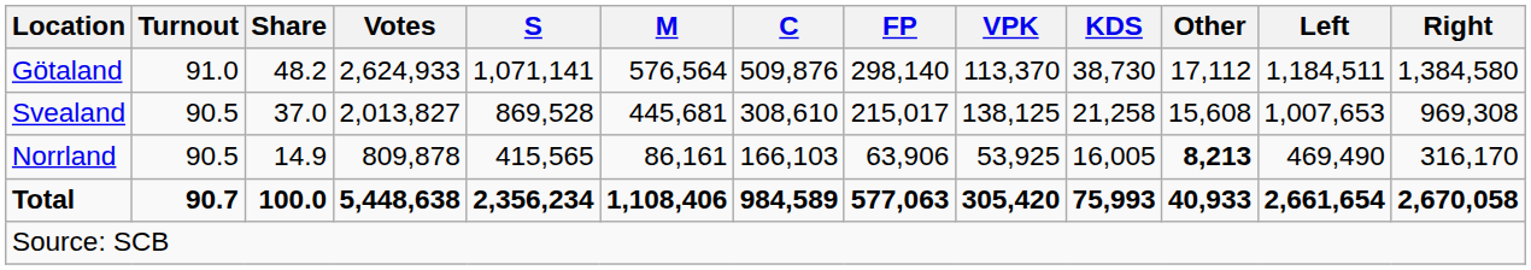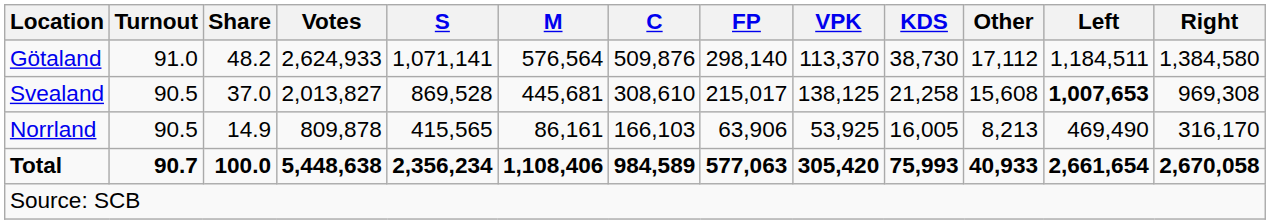 <table class="wikitable sortable" style=text-align:right>
 <tr>
 <th>Location</th>
 <th>Turnout</th>
 <th>Share</th>
 <th>Votes</th>
 <th><a href='#'>S</a></th>
 <th><a href='#'>M</a></th>
 <th><a href='#'>C</a></th>
 <th><a href='#'>FP</a></th>
 <th><a href='#'>VPK</a></th>
 <th><a href='#'>KDS</a></th>
 <th>Other</th>
 <th>Left</th>
 <th>Right</th>
 </tr>
 <tr>
 <td align=left><a href='#'>Götaland</a></td>
 <td>91.0</td>
 <td>48.2</td>
 <td>2,624,933</td>
 <td>1,071,141</td>
 <td>576,564</td>
 <td>509,876</td>
 <td>298,140</td>
 <td>113,370</td>
 <td>38,730</td>
 <td>17,112</td>
 <td>1,184,511</td>
 <td>1,384,580</td>
 </tr>
 <tr>
 <td align=left><a href='#'>Svealand</a></td>
 <td>90.5</td>
 <td>37.0</td>
 <td>2,013,827</td>
 <td>869,528</td>
 <td>445,681</td>
 <td>308,610</td>
 <td>215,017</td>
 <td>138,125</td>
 <td>21,258</td>
 <td>15,608</td>
-<td>1,007,653</td>
+<td><strong>1,007,653</strong></td>
 <td>969,308</td>
 </tr>
 <tr>
 <td align=left><a href='#'>Norrland</a></td>
 <td>90.5</td>
 <td>14.9</td>
 <td>809,878</td>
 <td>415,565</td>
 <td>86,161</td>
 <td>166,103</td>
 <td>63,906</td>
 <td>53,925</td>
 <td>16,005</td>
-<td><strong>8,213</strong></td>
+<td>8,213</td>
 <td>469,490</td>
 <td>316,170</td>
 </tr>
 <tr>
 <td align=left><strong>Total</strong></td>
 <td><strong>90.7</strong></td>
 <td><strong>100.0</strong></td>
 <td><strong>5,448,638</strong></td>
 <td><strong>2,356,234</strong></td>
 <td><strong>1,108,406</strong></td>
 <td><strong>984,589</strong></td>
 <td><strong>577,063</strong></td>
 <td><strong>305,420</strong></td>
 <td><strong>75,993</strong></td>
 <td><strong>40,933</strong></td>
 <td><strong>2,661,654</strong></td>
 <td><strong>2,670,058</strong></td>
 </tr>
 <tr>
 <td align=left colspan=13>Source: SCB </td>
 </tr>
 </table>
